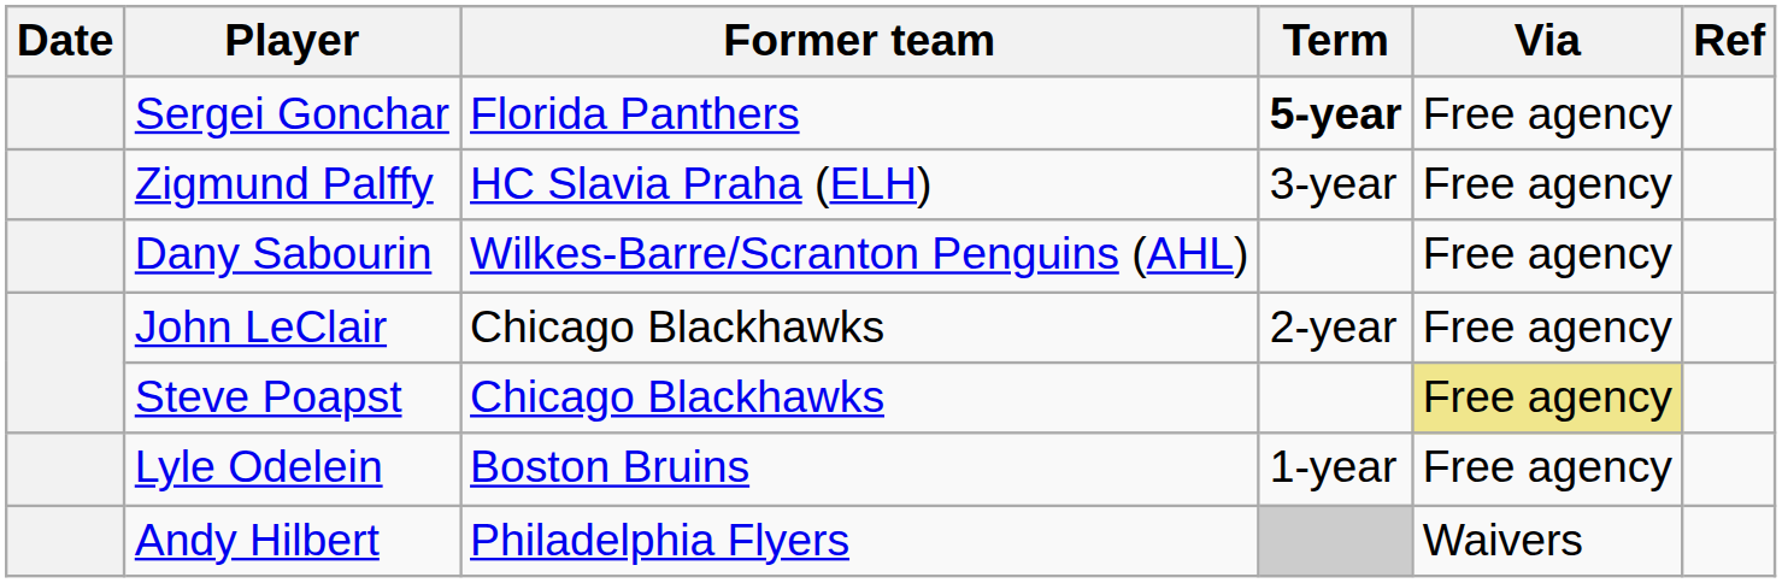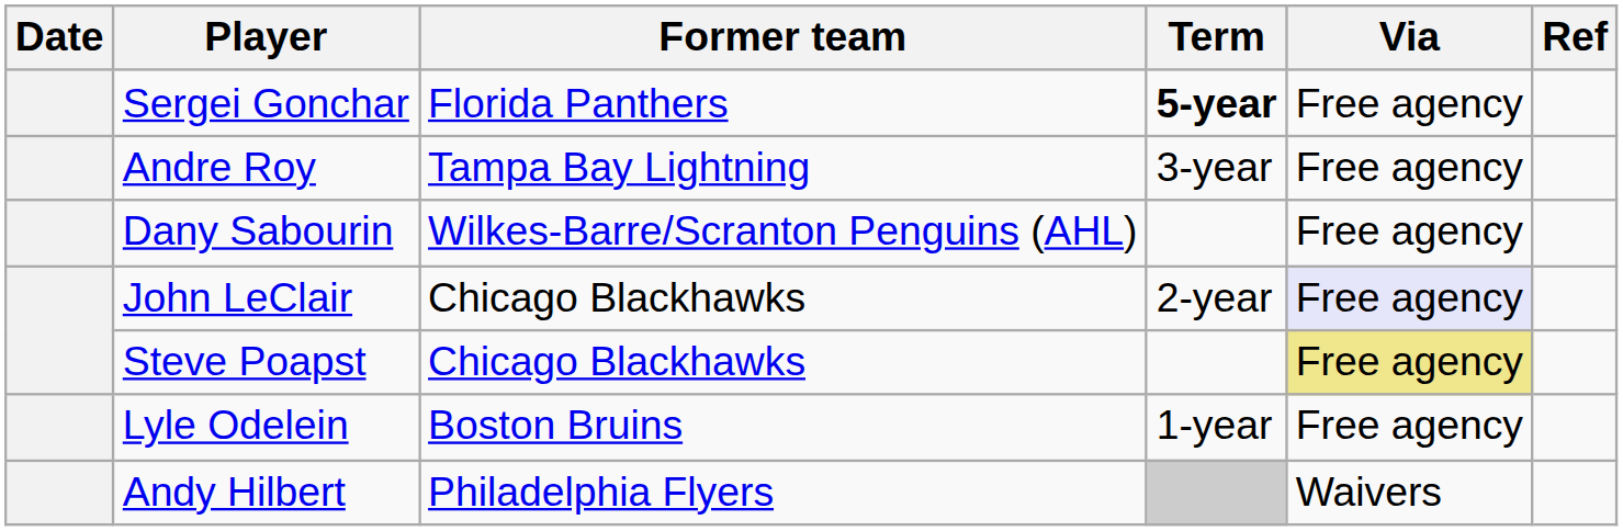 <table class="wikitable plainrowheaders">
 <tr style="background:#ddd; text-align:center;">
 <th>Date</th>
 <th>Player</th>
 <th>Former team</th>
 <th>Term</th>
 <th>Via</th>
 <th>Ref</th>
 </tr>
 <tr>
 <th scope="row"></th>
 <td><a href='#'>Sergei Gonchar</a></td>
 <td><a href='#'>Florida Panthers</a></td>
 <td><strong>5-year</strong></td>
 <td>Free agency</td>
 <td></td>
 </tr>
 <tr>
 <th scope="row"></th>
-<td><a href='#'>Zigmund Palffy</a></td>
-<td><a href='#'>HC Slavia Praha</a> (<a href='#'>ELH</a>)</td>
+<td><a href='#'>Andre Roy</a></td>
+<td><a href='#'>Tampa Bay Lightning</a></td>
 <td>3-year</td>
 <td>Free agency</td>
 <td></td>
 </tr>
 <tr>
 <th scope="row"></th>
 <td><a href='#'>Dany Sabourin</a></td>
 <td><a href='#'>Wilkes-Barre/Scranton Penguins</a> (<a href='#'>AHL</a>)</td>
 <td></td>
 <td>Free agency</td>
 <td></td>
 </tr>
 <tr>
 <th scope="row" rowspan=2></th>
 <td><a href='#'>John LeClair</a></td>
 <td>Chicago Blackhawks</td>
 <td>2-year</td>
-<td>Free agency</td>
+<td style="background: lavender;">Free agency</td>
 <td></td>
 </tr>
 <tr>
 <td><a href='#'>Steve Poapst</a></td>
 <td><a href='#'>Chicago Blackhawks</a></td>
 <td></td>
 <td style="background: khaki;">Free agency</td>
 <td></td>
 </tr>
 <tr>
 <th scope="row"></th>
 <td><a href='#'>Lyle Odelein</a></td>
 <td><a href='#'>Boston Bruins</a></td>
 <td>1-year</td>
 <td>Free agency</td>
 <td></td>
 </tr>
 <tr>
 <th scope="row"></th>
 <td><a href='#'>Andy Hilbert</a></td>
 <td><a href='#'>Philadelphia Flyers</a></td>
 <td style="background:#ccc"></td>
 <td>Waivers</td>
 <td></td>
 </tr>
 </table>
